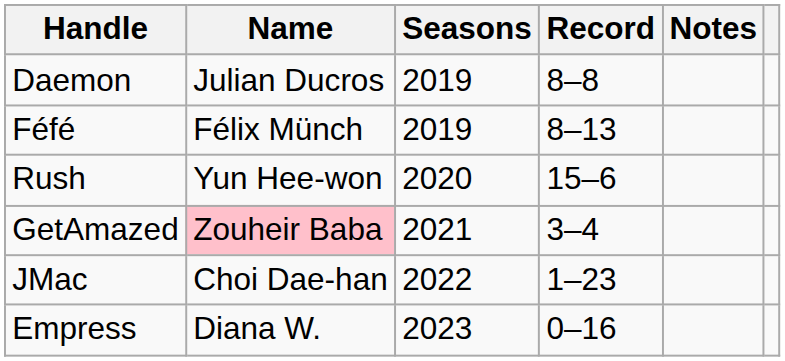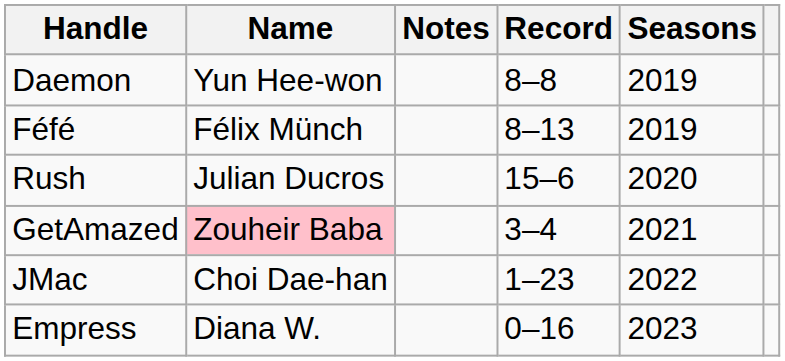 <table class="wikitable">
 <tr>
 <th style="background:#">Handle</th>
 <th style="background:#">Name</th>
+<th style="background:#">Notes</th>
+<th style="background:#">Record</th>
 <th style="background:#">Seasons</th>
-<th style="background:#">Record</th>
-<th style="background:#">Notes</th>
 <th style="background:#"></th>
 </tr>
 <tr>
 <td>Daemon</td>
-<td>Julian Ducros</td>
+<td>Yun Hee-won</td>
+<td></td>
+<td>8–8 </td>
 <td>2019</td>
-<td>8–8 </td>
-<td></td>
 <td></td>
 </tr>
 <tr>
 <td>Féfé</td>
 <td>Félix Münch</td>
+<td></td>
+<td>8–13 </td>
 <td>2019</td>
-<td>8–13 </td>
-<td></td>
 <td></td>
 </tr>
 <tr>
 <td>Rush</td>
-<td>Yun Hee-won</td>
+<td>Julian Ducros</td>
+<td></td>
+<td>15–6 </td>
 <td>2020</td>
-<td>15–6 </td>
-<td></td>
 <td></td>
 </tr>
 <tr>
 <td>GetAmazed</td>
 <td style="background: pink;">Zouheir Baba</td>
+<td></td>
+<td>3–4 </td>
 <td>2021</td>
-<td>3–4 </td>
-<td></td>
 <td></td>
 </tr>
 <tr>
 <td>JMac</td>
 <td>Choi Dae-han</td>
+<td></td>
+<td>1–23 </td>
 <td>2022</td>
-<td>1–23 </td>
-<td></td>
 <td></td>
 </tr>
 <tr>
 <td>Empress</td>
 <td>Diana W.</td>
+<td></td>
+<td>0–16 </td>
 <td>2023</td>
-<td>0–16 </td>
-<td></td>
 <td></td>
 </tr>
 </table>
